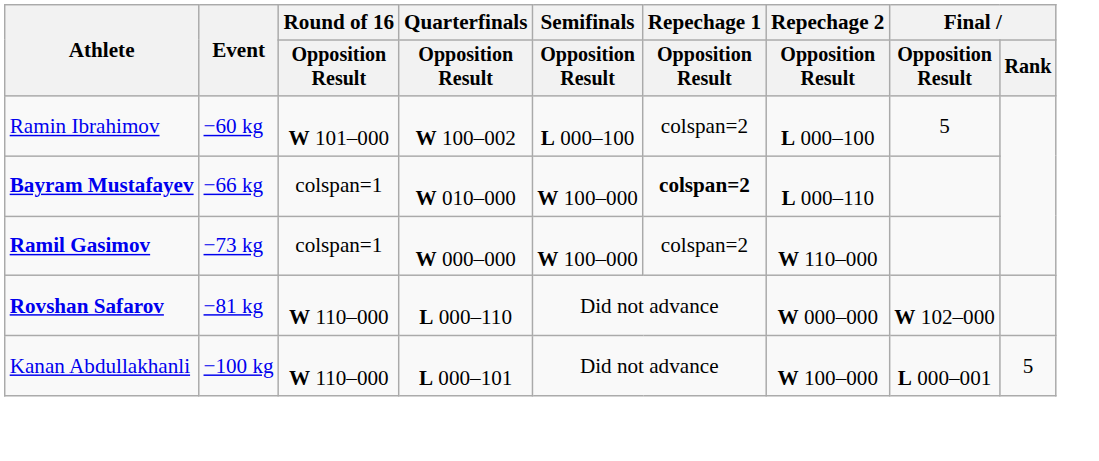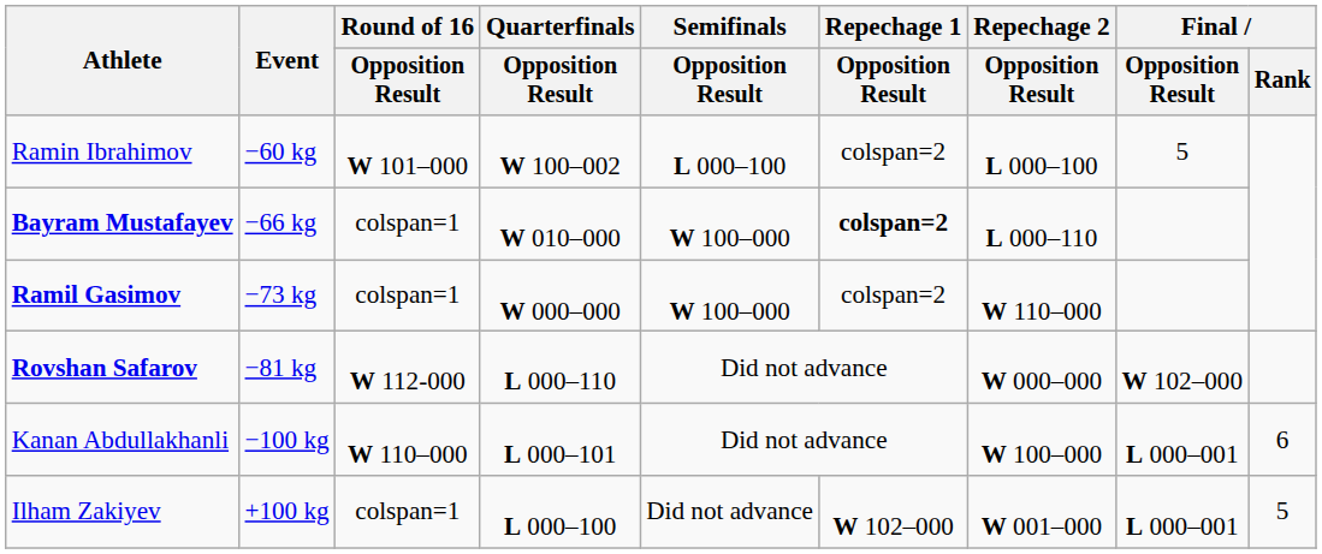 <table class="wikitable" style="font-size:90%">
 <tr>
 <th rowspan="2">Athlete</th>
 <th rowspan="2">Event</th>
 <th>Round of 16</th>
 <th>Quarterfinals</th>
 <th>Semifinals</th>
 <th>Repechage 1</th>
 <th>Repechage 2</th>
 <th colspan=2>Final / </th>
 </tr>
 <tr style="font-size:95%">
 <th>Opposition<br>Result</th>
 <th>Opposition<br>Result</th>
 <th>Opposition<br>Result</th>
 <th>Opposition<br>Result</th>
 <th>Opposition<br>Result</th>
 <th>Opposition<br>Result</th>
 <th>Rank</th>
 </tr>
 <tr align=center>
 <td align=left><a href='#'>Ramin Ibrahimov</a></td>
 <td align=left><a href='#'>−60 kg</a></td>
 <td align="center"> <br> <strong>W</strong> 101–000</td>
 <td align="center"> <br> <strong>W</strong> 100–002</td>
 <td align="center"> <br> <strong>L</strong> 000–100</td>
 <td>colspan=2 </td>
 <td align="center"> <br> <strong>L</strong> 000–100</td>
 <td>5</td>
 </tr>
 <tr align=center>
 <td align=left><strong><a href='#'>Bayram Mustafayev</a></strong></td>
 <td align=left><a href='#'>−66 kg</a></td>
 <td>colspan=1 </td>
 <td align="center"> <br> <strong>W</strong> 010–000</td>
 <td align="center"> <br> <strong>W</strong> 100–000</td>
 <td><strong>colspan=2 </strong></td>
 <td align="center"> <br> <strong>L</strong> 000–110</td>
 <td></td>
 </tr>
 <tr align=center>
 <td align=left><strong><a href='#'>Ramil Gasimov</a></strong></td>
 <td align=left><a href='#'>−73 kg</a></td>
 <td>colspan=1 </td>
 <td align="center"> <br> <strong>W</strong> 000–000 </td>
 <td align="center"> <br> <strong>W</strong> 100–000</td>
 <td>colspan=2 </td>
 <td align="center"> <br> <strong>W</strong> 110–000</td>
 <td></td>
 </tr>
 <tr align=center>
 <td align=left><strong><a href='#'>Rovshan Safarov</a></strong></td>
 <td align=left><a href='#'>−81 kg</a></td>
-<td align="center"> <br> <strong>W</strong> 110–000</td>
+<td align="center"> <br> <strong>W</strong> 112-000</td>
 <td align="center"> <br> <strong>L</strong> 000–110</td>
 <td colspan=2>Did not advance</td>
 <td align="center"> <br> <strong>W</strong> 000–000 </td>
 <td align="center"> <br> <strong>W</strong> 102–000</td>
 <td></td>
 </tr>
 <tr align=center>
 <td align=left><a href='#'>Kanan Abdullakhanli</a></td>
 <td align=left><a href='#'>−100 kg</a></td>
 <td align="center"> <br> <strong>W</strong> 110–000</td>
 <td align="center"> <br> <strong>L</strong> 000–101</td>
 <td colspan=2>Did not advance</td>
 <td align="center"> <br> <strong>W</strong> 100–000</td>
 <td align="center"> <br> <strong>L</strong> 000–001</td>
+<td>6</td>
+</tr>
+<tr align=center>
+<td align=left><a href='#'>Ilham Zakiyev</a></td>
+<td align=left><a href='#'>+100 kg</a></td>
+<td>colspan=1 </td>
+<td align="center"> <br> <strong>L</strong> 000–100</td>
+<td>Did not advance</td>
+<td align="center"> <br> <strong>W</strong> 102–000</td>
+<td align="center"> <br> <strong>W</strong> 001–000</td>
+<td align="center"> <br> <strong>L</strong> 000–001</td>
 <td>5</td>
 </tr>
 </table>
